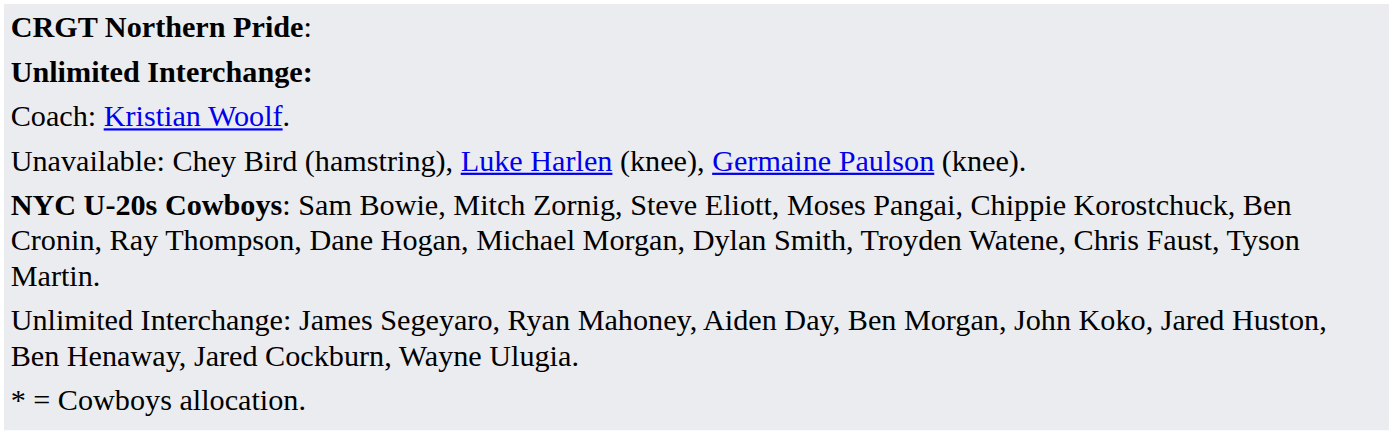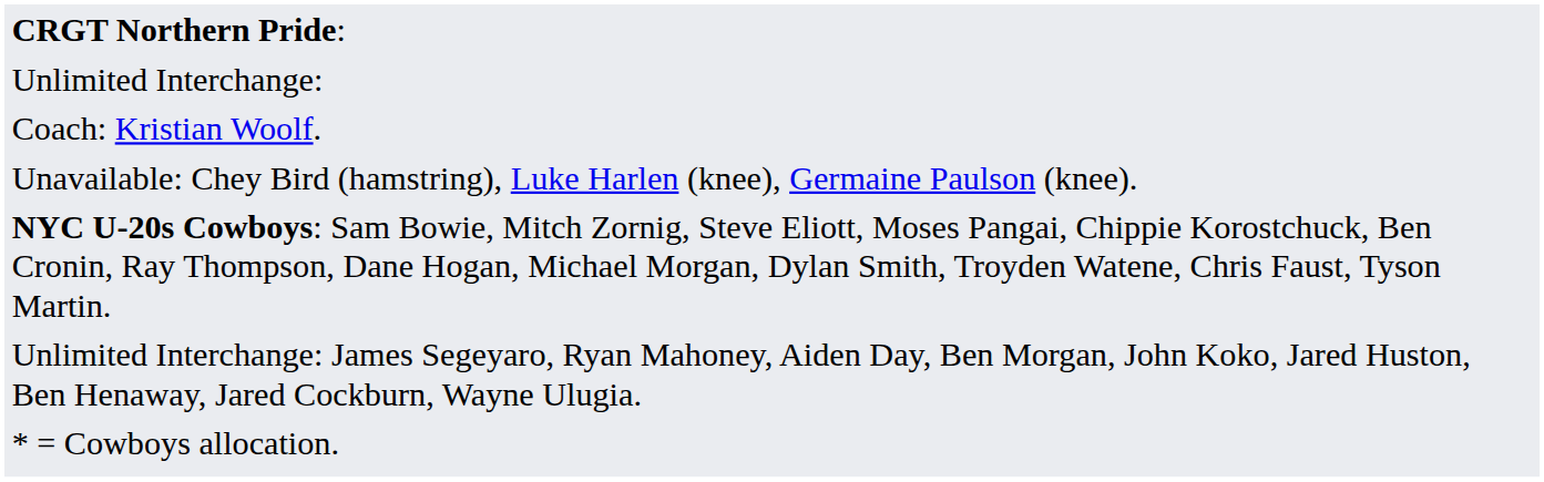 <table style="background:#eaecf0; font-size:85%; width:100%;">
 <tr>
 <td><strong>CRGT Northern Pride</strong>:             </td>
 </tr>
 <tr>
-<td><strong>Unlimited Interchange:         </strong></td>
+<td>Unlimited Interchange:         </td>
 </tr>
 <tr>
 <td>Coach: <a href='#'>Kristian Woolf</a>.</td>
 </tr>
 <tr>
 <td>Unavailable: Chey Bird (hamstring), <a href='#'>Luke Harlen</a> (knee), <a href='#'>Germaine Paulson</a> (knee).</td>
 </tr>
 <tr>
 <td><strong>NYC U-20s Cowboys</strong>: Sam Bowie, Mitch Zornig, Steve Eliott, Moses Pangai, Chippie Korostchuck, Ben Cronin, Ray Thompson, Dane Hogan, Michael Morgan, Dylan Smith, Troyden Watene, Chris Faust, Tyson Martin.</td>
 </tr>
 <tr>
 <td>Unlimited Interchange: James Segeyaro, Ryan Mahoney, Aiden Day, Ben Morgan, John Koko, Jared Huston, Ben Henaway, Jared Cockburn, Wayne Ulugia.</td>
 </tr>
 <tr>
 <td>* = Cowboys allocation.</td>
 </tr>
 <tr>
 </tr>
 </table>
